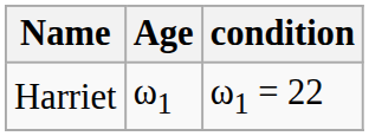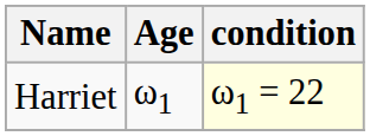 <table class="wikitable">
 <tr>
 <th>Name</th>
 <th>Age</th>
 <th>condition</th>
 </tr>
 <tr>
 <td>Harriet</td>
 <td>ω<sub>1</sub></td>
-<td>ω<sub>1</sub> = 22</td>
+<td style="background: lightyellow;">ω<sub>1</sub> = 22</td>
 </tr>
 <tr>
 </tr>
 </table>
